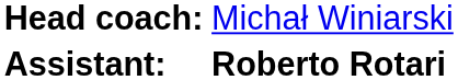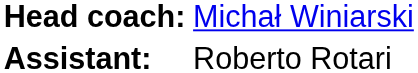 <table>
 <tr>
 <td><strong>Head coach:</strong></td>
 <td> <a href='#'>Michał Winiarski</a></td>
 </tr>
 <tr>
 <td><strong>Assistant:</strong></td>
-<td><strong> Roberto Rotari</strong></td>
+<td> Roberto Rotari</td>
 </tr>
 </table>
